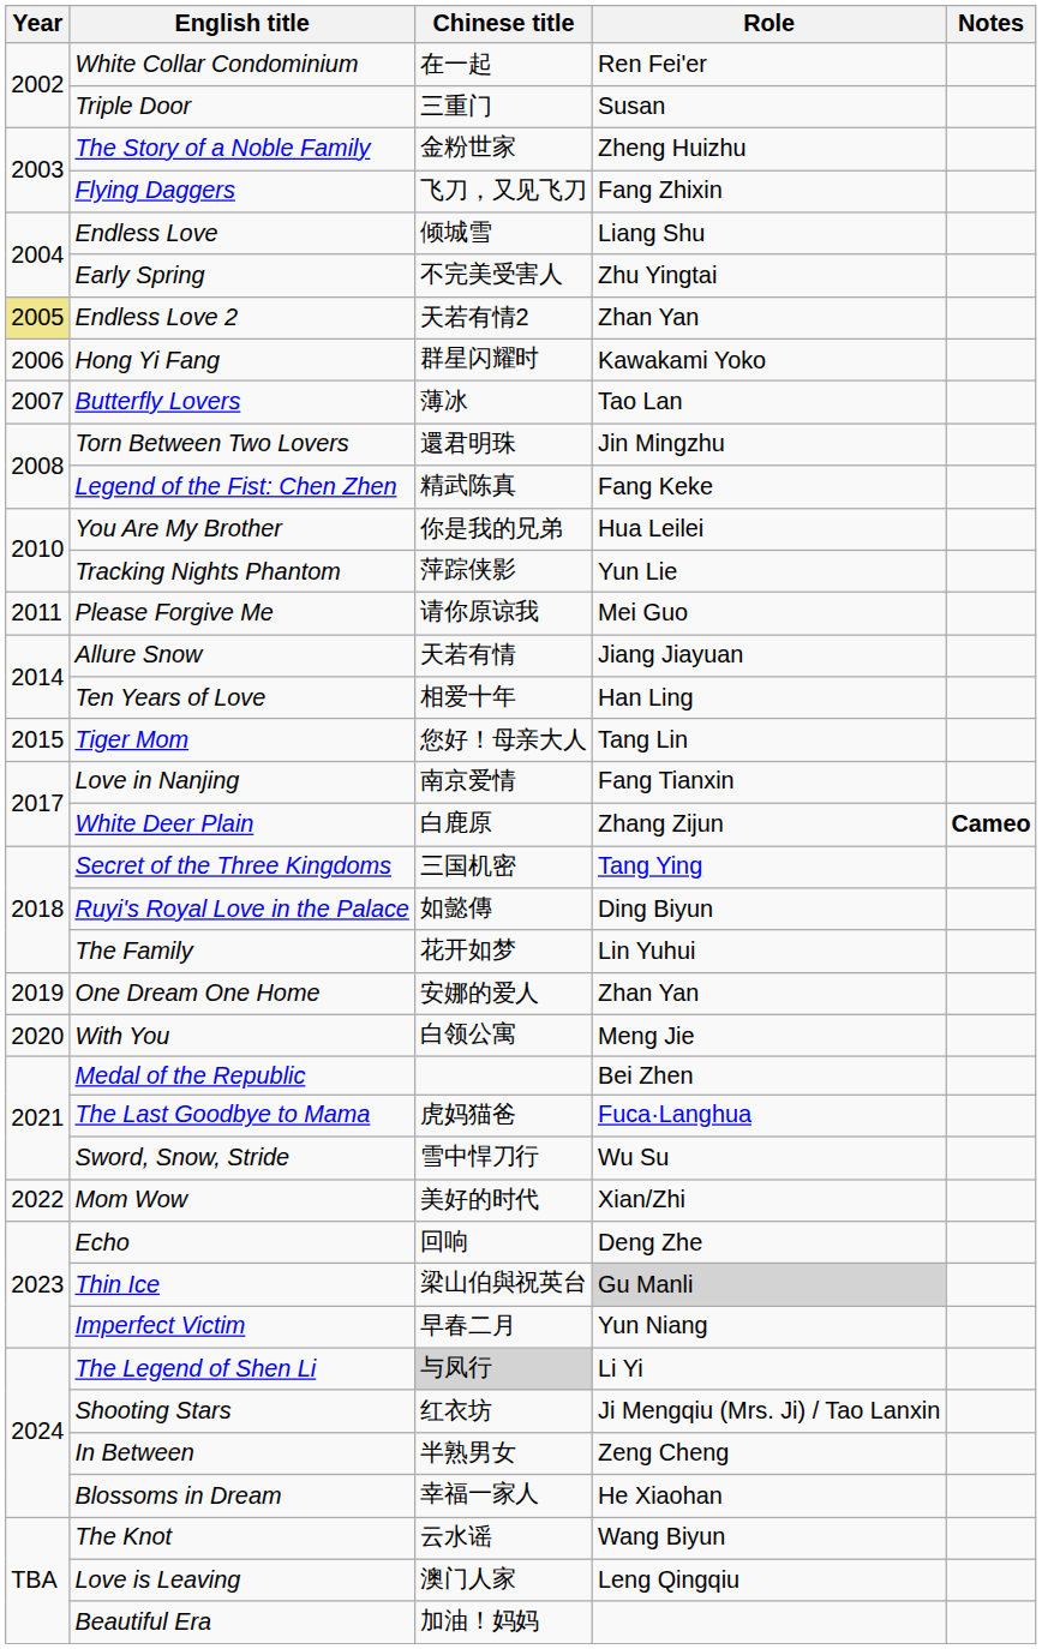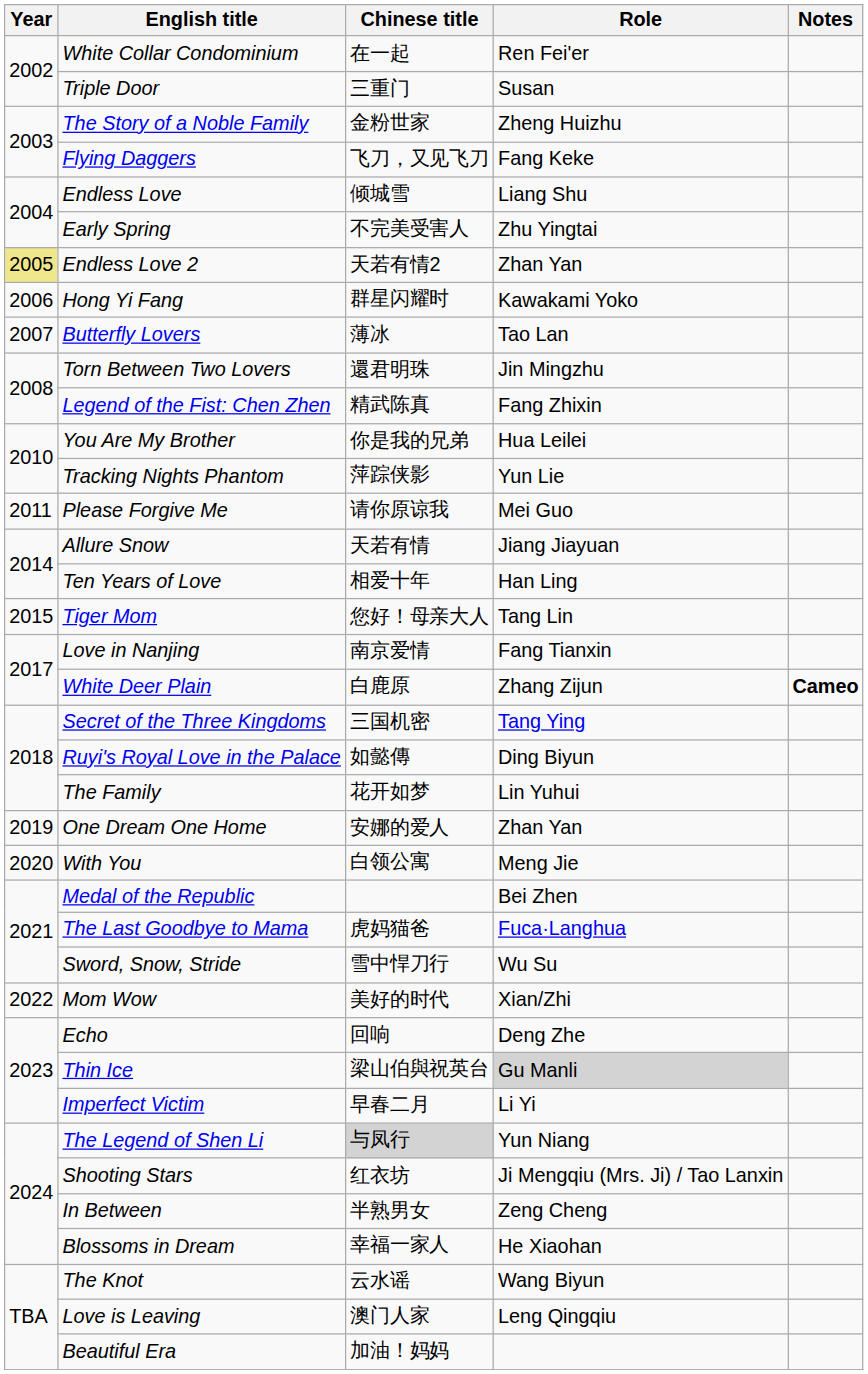 <table class="wikitable">
 <tr>
 <th>Year</th>
 <th>English title</th>
 <th>Chinese title</th>
 <th>Role</th>
 <th>Notes</th>
 </tr>
 <tr>
 <td rowspan=2>2002</td>
 <td><em>White Collar Condominium</em></td>
 <td>在一起</td>
 <td>Ren Fei'er</td>
 <td></td>
 </tr>
 <tr>
 <td><em>Triple Door</em></td>
 <td>三重门</td>
 <td>Susan</td>
 <td></td>
 </tr>
 <tr>
 <td rowspan=2>2003</td>
 <td><em><a href='#'>The Story of a Noble Family</a></em></td>
 <td>金粉世家</td>
 <td>Zheng Huizhu</td>
 <td></td>
 </tr>
 <tr>
 <td><em><a href='#'>Flying Daggers</a></em></td>
 <td>飞刀，又见飞刀</td>
-<td>Fang Zhixin</td>
+<td>Fang Keke</td>
 <td></td>
 </tr>
 <tr>
 <td rowspan=2>2004</td>
 <td><em>Endless Love</em></td>
 <td>倾城雪</td>
 <td>Liang Shu</td>
 <td></td>
 </tr>
 <tr>
 <td><em>Early Spring</em></td>
 <td>不完美受害人</td>
 <td>Zhu Yingtai</td>
 <td></td>
 </tr>
 <tr>
 <td style="background: khaki;">2005</td>
 <td><em>Endless Love 2</em></td>
 <td>天若有情2</td>
 <td>Zhan Yan</td>
 <td></td>
 </tr>
 <tr>
 <td>2006</td>
 <td><em>Hong Yi Fang</em></td>
 <td>群星闪耀时</td>
 <td>Kawakami Yoko</td>
 <td></td>
 </tr>
 <tr>
 <td>2007</td>
 <td><em><a href='#'>Butterfly Lovers</a></em></td>
 <td>薄冰</td>
 <td>Tao Lan</td>
 <td></td>
 </tr>
 <tr>
 <td rowspan=2>2008</td>
 <td><em>Torn Between Two Lovers</em></td>
 <td>還君明珠</td>
 <td>Jin Mingzhu</td>
 <td></td>
 </tr>
 <tr>
 <td><em><a href='#'>Legend of the Fist: Chen Zhen</a></em></td>
 <td>精武陈真</td>
-<td>Fang Keke</td>
+<td>Fang Zhixin</td>
 <td></td>
 </tr>
 <tr>
 <td rowspan=2>2010</td>
 <td><em>You Are My Brother</em></td>
 <td>你是我的兄弟</td>
 <td>Hua Leilei</td>
 <td></td>
 </tr>
 <tr>
 <td><em>Tracking Nights Phantom</em></td>
 <td>萍踪侠影</td>
 <td>Yun Lie</td>
 <td></td>
 </tr>
 <tr>
 <td>2011</td>
 <td><em>Please Forgive Me</em></td>
 <td>请你原谅我</td>
 <td>Mei Guo</td>
 <td></td>
 </tr>
 <tr>
 <td rowspan=2>2014</td>
 <td><em>Allure Snow</em></td>
 <td>天若有情</td>
 <td>Jiang Jiayuan</td>
 <td></td>
 </tr>
 <tr>
 <td><em>Ten Years of Love</em></td>
 <td>相爱十年</td>
 <td>Han Ling</td>
 <td></td>
 </tr>
 <tr>
 <td>2015</td>
 <td><em><a href='#'>Tiger Mom</a></em></td>
 <td>您好！母亲大人</td>
 <td>Tang Lin</td>
 <td></td>
 </tr>
 <tr>
 <td rowspan=2>2017</td>
 <td><em>Love in Nanjing</em></td>
 <td>南京爱情</td>
 <td>Fang Tianxin</td>
 <td></td>
 </tr>
 <tr>
 <td><em><a href='#'>White Deer Plain</a></em></td>
 <td>白鹿原</td>
 <td>Zhang Zijun</td>
 <td><strong>Cameo</strong></td>
 </tr>
 <tr>
 <td rowspan=3>2018</td>
 <td><em><a href='#'>Secret of the Three Kingdoms</a></em></td>
 <td>三国机密</td>
 <td><a href='#'>Tang Ying</a></td>
 <td></td>
 </tr>
 <tr>
 <td><em><a href='#'>Ruyi's Royal Love in the Palace</a></em></td>
 <td>如懿傳</td>
 <td>Ding Biyun</td>
 <td></td>
 </tr>
 <tr>
 <td><em>The Family</em></td>
 <td>花开如梦</td>
 <td>Lin Yuhui</td>
 <td></td>
 </tr>
 <tr>
 <td>2019</td>
 <td><em>One Dream One Home</em></td>
 <td>安娜的爱人</td>
 <td>Zhan Yan</td>
 <td></td>
 </tr>
 <tr>
 <td>2020</td>
 <td><em>With You</em></td>
 <td>白领公寓</td>
 <td>Meng Jie</td>
 <td></td>
 </tr>
 <tr>
 <td rowspan="3">2021</td>
 <td><em><a href='#'>Medal of the Republic</a></em></td>
 <td></td>
 <td>Bei Zhen</td>
 <td></td>
 </tr>
 <tr>
 <td><em><a href='#'>The Last Goodbye to Mama</a></em></td>
 <td>虎妈猫爸</td>
 <td><a href='#'>Fuca·Langhua</a></td>
 <td></td>
 </tr>
 <tr>
 <td><em>Sword, Snow, Stride</em></td>
 <td>雪中悍刀行</td>
 <td>Wu Su</td>
 <td></td>
 </tr>
 <tr>
 <td rowspan="1">2022</td>
 <td><em>Mom Wow</em></td>
 <td>美好的时代</td>
 <td>Xian/Zhi</td>
 <td></td>
 </tr>
 <tr>
 <td rowspan="3">2023</td>
 <td><em>Echo</em></td>
 <td>回响</td>
 <td>Deng Zhe</td>
 <td></td>
 </tr>
 <tr>
 <td><em><a href='#'>Thin Ice</a></em></td>
 <td>梁山伯與祝英台</td>
 <td style="background: lightgrey;">Gu Manli</td>
 <td></td>
 </tr>
 <tr>
 <td><em><a href='#'>Imperfect Victim</a></em></td>
 <td>早春二月</td>
-<td>Yun Niang</td>
+<td>Li Yi</td>
 <td></td>
 </tr>
 <tr>
 <td rowspan="4">2024</td>
 <td><em><a href='#'>The Legend of Shen Li</a></em></td>
 <td style="background: lightgrey;">与凤行</td>
-<td>Li Yi</td>
+<td>Yun Niang</td>
 <td></td>
 </tr>
 <tr>
 <td><em>Shooting Stars</em></td>
 <td>红衣坊</td>
 <td>Ji Mengqiu (Mrs. Ji) / Tao Lanxin</td>
 <td></td>
 </tr>
 <tr>
 <td><em>In Between</em></td>
 <td>半熟男女</td>
 <td>Zeng Cheng</td>
 <td></td>
 </tr>
 <tr>
 <td><em>Blossoms in Dream</em></td>
 <td>幸福一家人</td>
 <td>He Xiaohan</td>
 <td></td>
 </tr>
 <tr>
 <td rowspan=3>TBA</td>
 <td><em>The Knot</em></td>
 <td>云水谣</td>
 <td>Wang Biyun</td>
 <td></td>
 </tr>
 <tr>
 <td><em>Love is Leaving</em></td>
 <td>澳门人家</td>
 <td>Leng Qingqiu</td>
 <td></td>
 </tr>
 <tr>
 <td><em>Beautiful Era</em></td>
 <td>加油！妈妈</td>
 <td></td>
 <td></td>
 </tr>
 <tr>
 </tr>
 </table>
